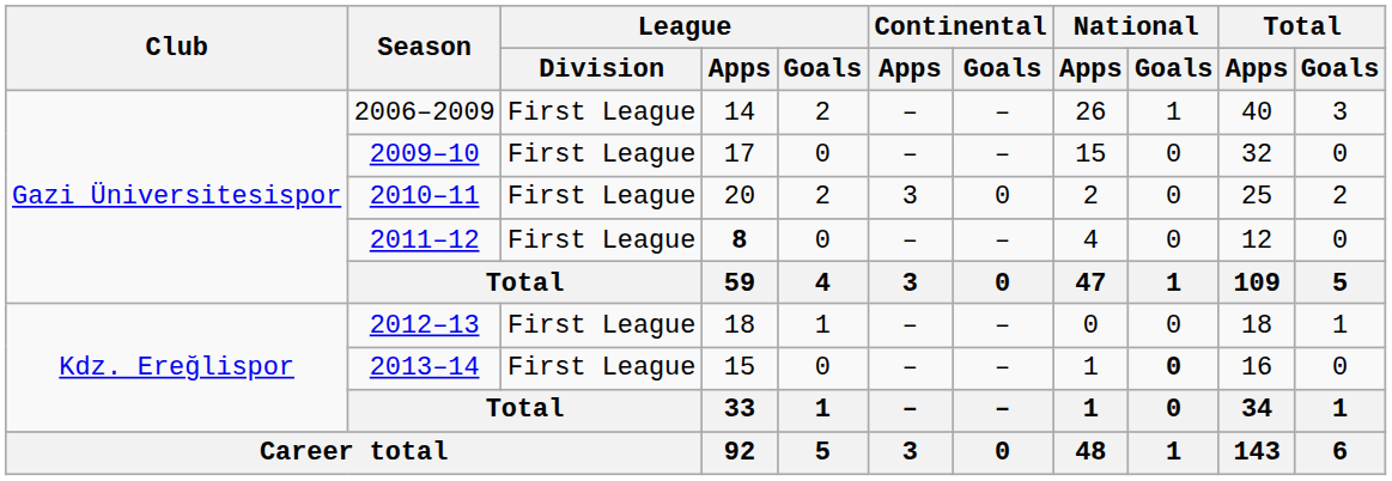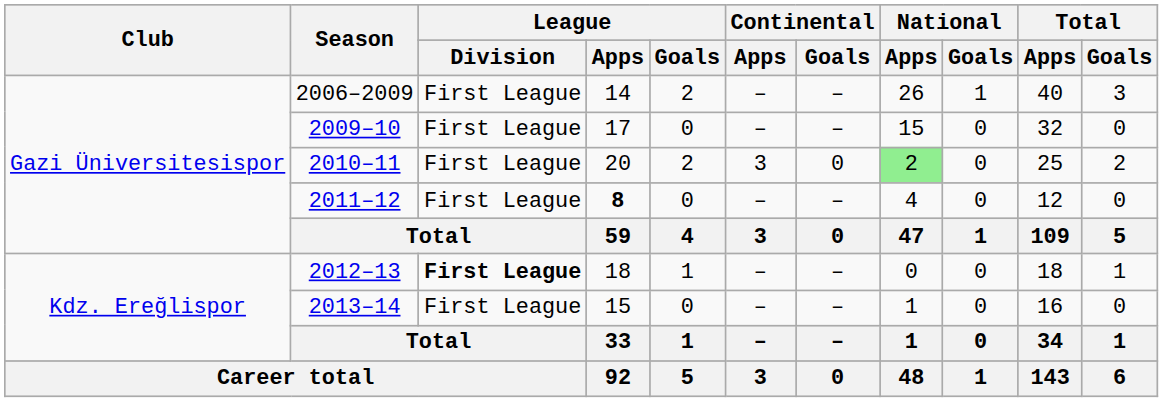 <table class="wikitable" style="text-align: center;">
 <tr>
 <th rowspan=2>Club</th>
 <th rowspan=2>Season</th>
 <th colspan=3>League</th>
 <th colspan=2>Continental</th>
 <th colspan=2>National</th>
 <th colspan=2>Total</th>
 </tr>
 <tr>
 <th>Division</th>
 <th>Apps</th>
 <th>Goals</th>
 <th>Apps</th>
 <th>Goals</th>
 <th>Apps</th>
 <th>Goals</th>
 <th>Apps</th>
 <th>Goals</th>
 </tr>
 <tr>
 <td rowspan=5><a href='#'>Gazi Üniversitesispor</a></td>
 <td>2006–2009</td>
 <td>First League</td>
 <td>14</td>
 <td>2</td>
 <td>–</td>
 <td>–</td>
 <td>26</td>
 <td>1</td>
 <td>40</td>
 <td>3</td>
 </tr>
 <tr>
 <td><a href='#'>2009–10</a></td>
 <td>First League</td>
 <td>17</td>
 <td>0</td>
 <td>–</td>
 <td>–</td>
 <td>15</td>
 <td>0</td>
 <td>32</td>
 <td>0</td>
 </tr>
 <tr>
 <td><a href='#'>2010–11</a></td>
 <td>First League</td>
 <td>20</td>
 <td>2</td>
 <td>3</td>
 <td>0</td>
-<td>2</td>
+<td style="background: lightgreen;">2</td>
 <td>0</td>
 <td>25</td>
 <td>2</td>
 </tr>
 <tr>
 <td><a href='#'>2011–12</a></td>
 <td>First League</td>
 <td><strong>8</strong></td>
 <td>0</td>
 <td>–</td>
 <td>–</td>
 <td>4</td>
 <td>0</td>
 <td>12</td>
 <td>0</td>
 </tr>
 <tr>
 <th colspan=2>Total</th>
 <th>59</th>
 <th>4</th>
 <th>3</th>
 <th>0</th>
 <th>47</th>
 <th>1</th>
 <th>109</th>
 <th>5</th>
 </tr>
 <tr>
 <td rowspan=3><a href='#'>Kdz. Ereğlispor</a></td>
 <td><a href='#'>2012–13</a></td>
-<td>First League</td>
+<td><strong>First League</strong></td>
 <td>18</td>
 <td>1</td>
 <td>–</td>
 <td>–</td>
 <td>0</td>
 <td>0</td>
 <td>18</td>
 <td>1</td>
 </tr>
 <tr>
 <td><a href='#'>2013–14</a></td>
 <td>First League</td>
 <td>15</td>
 <td>0</td>
 <td>–</td>
 <td>–</td>
 <td>1</td>
-<td><strong>0</strong></td>
+<td>0</td>
 <td>16</td>
 <td>0</td>
 </tr>
 <tr>
 <th colspan=2>Total</th>
 <th>33</th>
 <th>1</th>
 <th>–</th>
 <th>–</th>
 <th>1</th>
 <th>0</th>
 <th>34</th>
 <th>1</th>
 </tr>
 <tr>
 <th colspan=3>Career total</th>
 <th>92</th>
 <th>5</th>
 <th>3</th>
 <th>0</th>
 <th>48</th>
 <th>1</th>
 <th>143</th>
 <th>6</th>
 </tr>
 </table>
